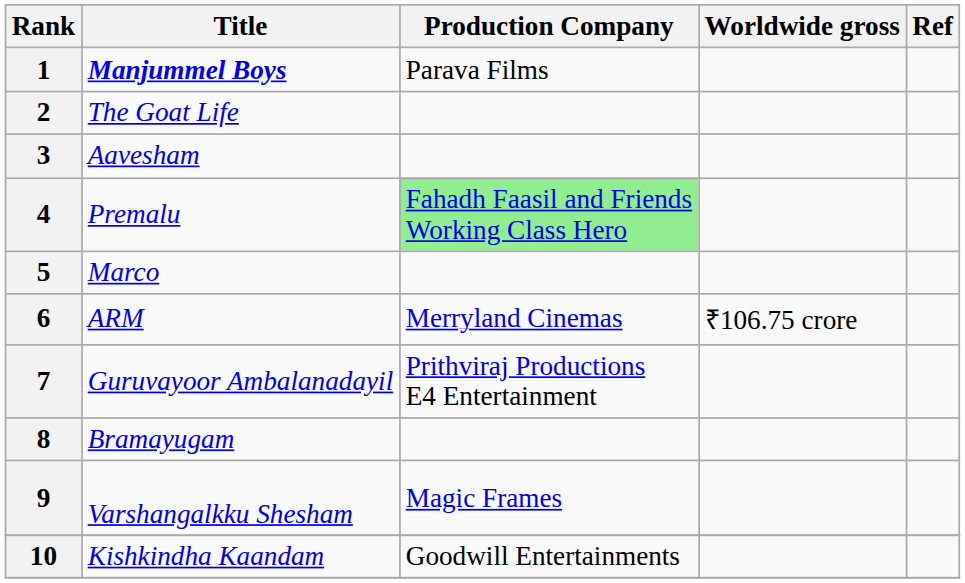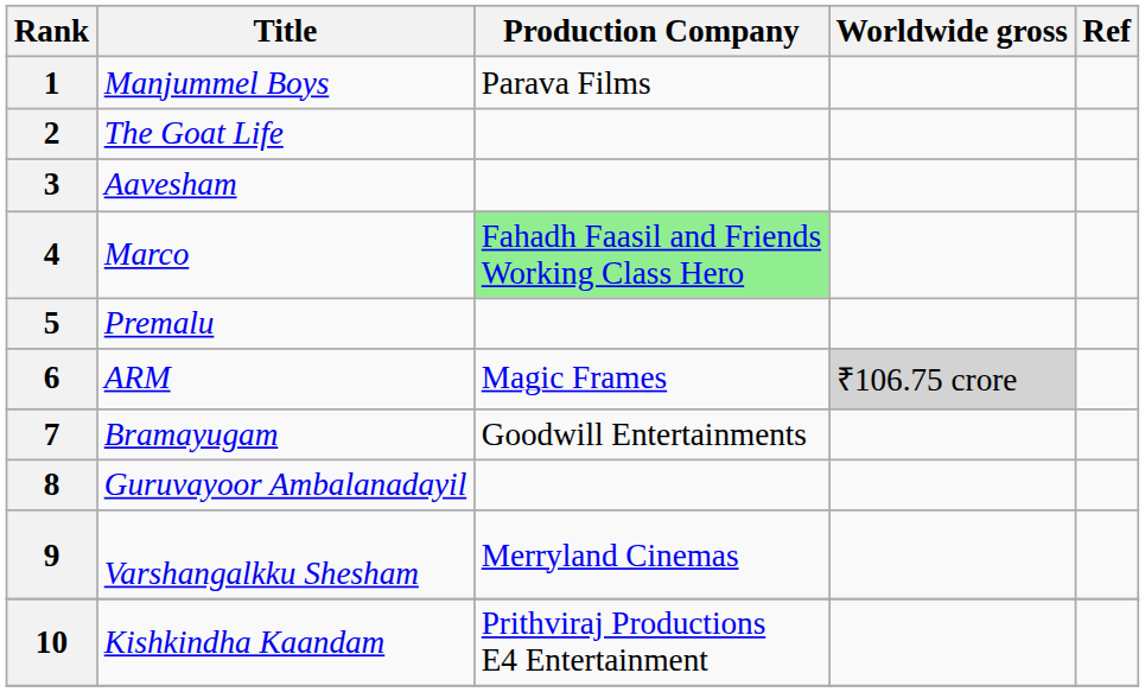 <table class="wikitable sortable" style="margin:auto; margin:auto;">
 <tr>
 <th>Rank</th>
 <th>Title</th>
 <th>Production Company</th>
 <th>Worldwide gross</th>
 <th>Ref</th>
 </tr>
 <tr>
 <th>1</th>
-<td style="text-align:left;"><strong><em><a href='#'>Manjummel Boys</a></em></strong></td>
+<td style="text-align:left;"><em><a href='#'>Manjummel Boys</a></em></td>
 <td>Parava Films</td>
 <td></td>
 <td></td>
 </tr>
 <tr>
 <th>2</th>
 <td style="text-align:left; "><em><a href='#'>The Goat Life</a></em></td>
 <td></td>
 <td></td>
 <td></td>
 </tr>
 <tr>
 <th>3</th>
 <td style="text-align:left;"><em><a href='#'>Aavesham</a></em></td>
 <td></td>
 <td></td>
 <td></td>
 </tr>
 <tr>
 <th style="text-align:center;">4</th>
-<td style="text-align:left;"><em><a href='#'>Premalu</a></em></td>
+<td><em><a href='#'>Marco</a></em></td>
 <td style="background: lightgreen;"><a href='#'>Fahadh Faasil and Friends</a><br><a href='#'>Working Class Hero</a></td>
 <td></td>
 <td></td>
 </tr>
 <tr>
 <th style="text-align:center;">5</th>
-<td><em><a href='#'>Marco</a></em></td>
+<td style="text-align:left;"><em><a href='#'>Premalu</a></em></td>
 <td></td>
 <td></td>
 <td></td>
 </tr>
 <tr>
 <th>6</th>
 <td style="text-align:left"><em><a href='#'>ARM</a></em></td>
-<td><a href='#'>Merryland Cinemas</a></td>
-<td>₹106.75 crore</td>
+<td><a href='#'>Magic Frames</a></td>
+<td style="background: lightgrey;">₹106.75 crore</td>
 <td></td>
 </tr>
 <tr>
 <th style="text-align:center;">7</th>
-<td style="text-align:left; "><em><a href='#'>Guruvayoor Ambalanadayil</a></em></td>
-<td><a href='#'>Prithviraj Productions</a><br>E4 Entertainment</td>
+<td><em><a href='#'>Bramayugam</a></em></td>
+<td>Goodwill Entertainments</td>
 <td></td>
 <td></td>
 </tr>
 <tr>
 <th>8</th>
-<td><em><a href='#'>Bramayugam</a></em></td>
+<td style="text-align:left; "><em><a href='#'>Guruvayoor Ambalanadayil</a></em></td>
 <td></td>
 <td></td>
 <td></td>
 </tr>
 <tr>
 <th style="text-align:center;">9</th>
 <td style="text-align:left; "><br><em><a href='#'>Varshangalkku Shesham</a></em></td>
-<td><a href='#'>Magic Frames</a></td>
+<td><a href='#'>Merryland Cinemas</a></td>
 <td></td>
 <td></td>
 </tr>
 <tr>
 </tr>
 <tr>
 <th>10</th>
 <td><em><a href='#'>Kishkindha Kaandam</a></em></td>
-<td>Goodwill Entertainments</td>
+<td><a href='#'>Prithviraj Productions</a><br>E4 Entertainment</td>
 <td></td>
 <td></td>
 </tr>
 <tr>
 </tr>
 </table>
